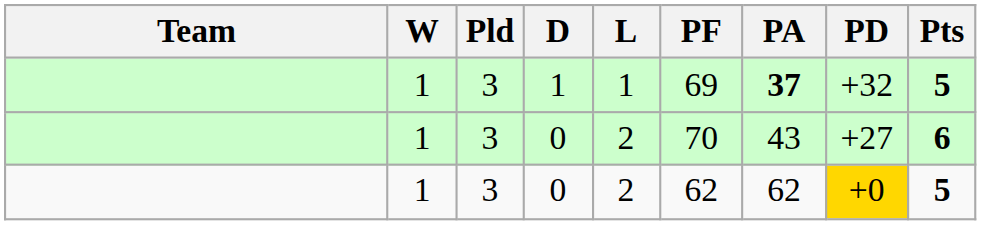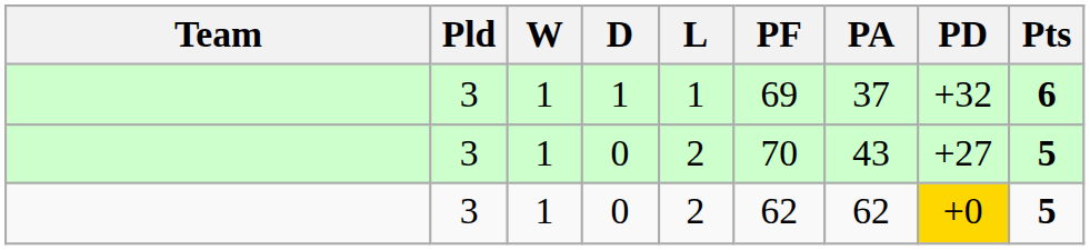 <table class="wikitable" style="text-align:center;">
 <tr>
 <th width=175>Team</th>
+<th width=25 abbr="Played">Pld</th>
 <th width=25 abbr="Won">W</th>
-<th width=25 abbr="Played">Pld</th>
 <th width=25 abbr="Drawn">D</th>
 <th width=25 abbr="Lost">L</th>
 <th width=32 abbr="Points for">PF</th>
 <th width=32 abbr="Points against">PA</th>
 <th width=32 abbr="Points difference">PD</th>
 <th width=25 abbr="Points">Pts</th>
 </tr>
 <tr bgcolor=ccffcc>
 <td align=left></td>
-<td>1</td>
 <td>3</td>
 <td>1</td>
 <td>1</td>
+<td>1</td>
 <td>69</td>
-<td><strong>37</strong></td>
+<td>37</td>
 <td>+32</td>
-<td><strong>5</strong></td>
+<td><strong>6</strong></td>
 </tr>
 <tr bgcolor=ccffcc>
 <td align=left></td>
+<td>3</td>
 <td>1</td>
-<td>3</td>
 <td>0</td>
 <td>2</td>
 <td>70</td>
 <td>43</td>
 <td>+27</td>
-<td><strong>6</strong></td>
+<td><strong>5</strong></td>
 </tr>
 <tr>
 <td align=left></td>
+<td>3</td>
 <td>1</td>
-<td>3</td>
 <td>0</td>
 <td>2</td>
 <td>62</td>
 <td>62</td>
 <td style="background: gold;">+0</td>
 <td><strong>5</strong></td>
 </tr>
 </table>
